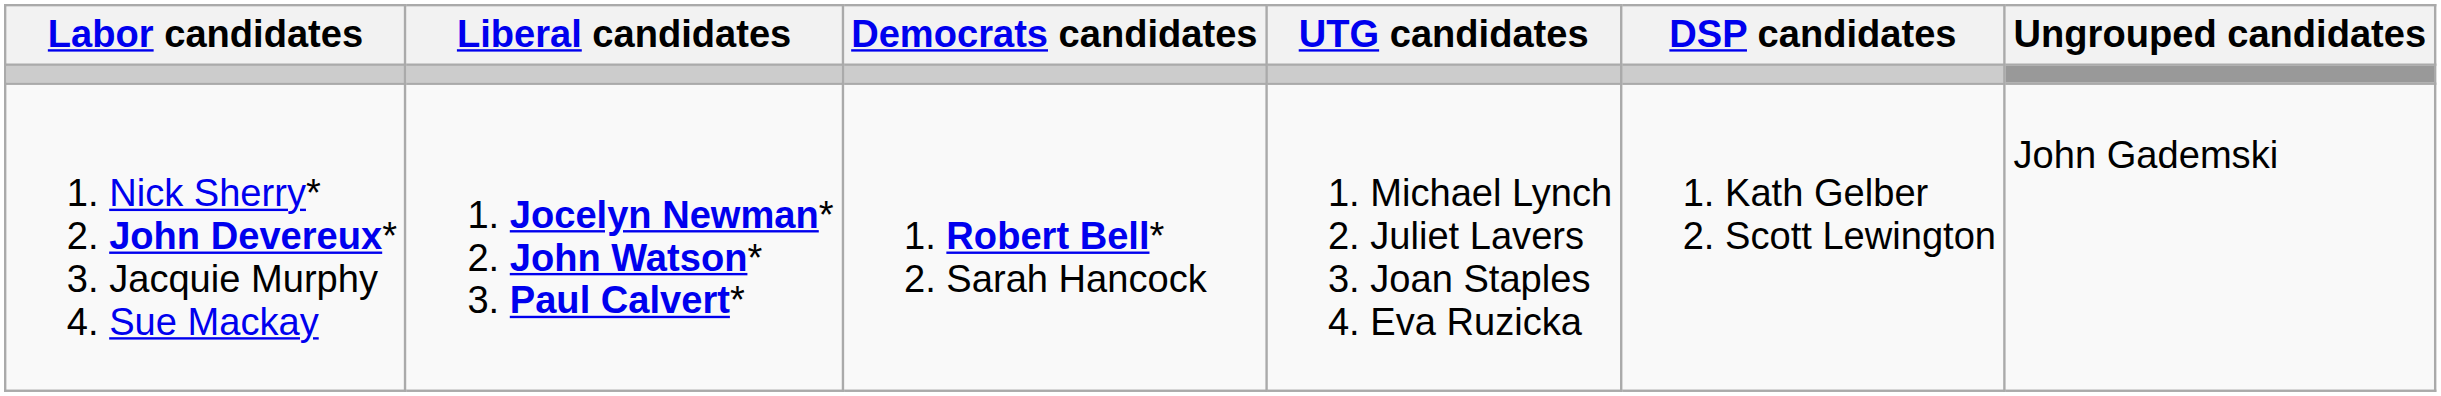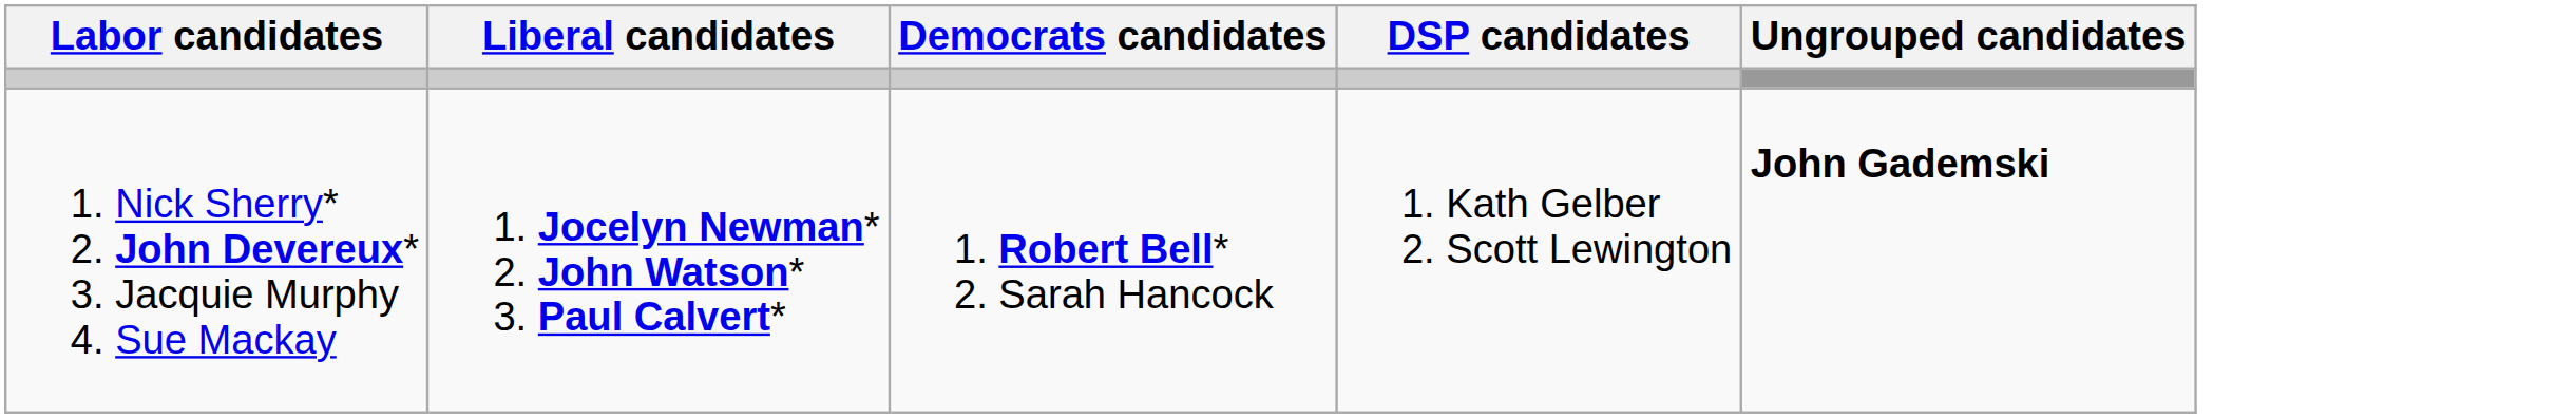 <table class="wikitable">
 <tr>
 <th><a href='#'>Labor</a> candidates</th>
 <th><a href='#'>Liberal</a> candidates</th>
 <th><a href='#'>Democrats</a> candidates</th>
-<th><a href='#'>UTG</a> candidates</th>
 <th><a href='#'>DSP</a> candidates</th>
 <th>Ungrouped candidates</th>
 </tr>
 <tr bgcolor="#cccccc">
-<td></td>
 <td></td>
 <td></td>
 <td></td>
 <td></td>
 <td bgcolor="#999999"></td>
 </tr>
 <tr>
 <td><br><ol><li><a href='#'>Nick Sherry</a>*</li><li><strong><a href='#'>John Devereux</a></strong>*</li><li>Jacquie Murphy</li><li><a href='#'>Sue Mackay</a></li></ol></td>
 <td><br><ol><li><strong><a href='#'>Jocelyn Newman</a></strong>*</li><li><strong><a href='#'>John Watson</a></strong>*</li><li><strong><a href='#'>Paul Calvert</a></strong>*</li></ol></td>
 <td><br><ol><li><strong><a href='#'>Robert Bell</a></strong>*</li><li>Sarah Hancock</li></ol></td>
-<td valign=top><br><ol><li>Michael Lynch</li><li>Juliet Lavers</li><li>Joan Staples</li><li>Eva Ruzicka</li></ol></td>
 <td valign=top><br><ol><li>Kath Gelber</li><li>Scott Lewington</li></ol></td>
-<td valign=top><br>John Gademski</td>
+<td valign=top><strong><br>John Gademski</strong></td>
 </tr>
 </table>
